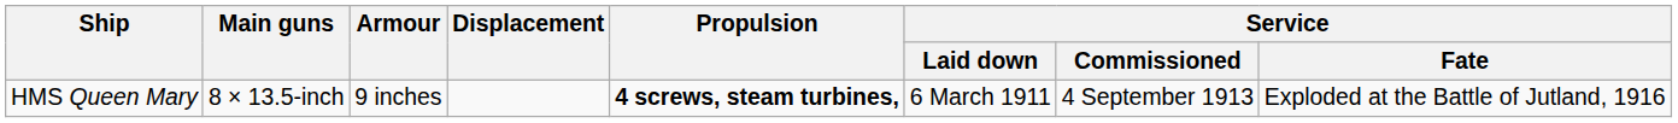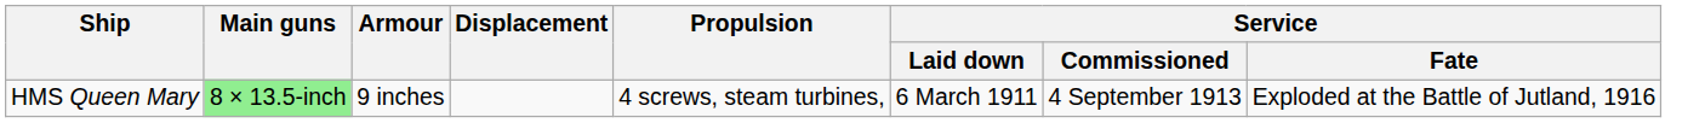 <table class="wikitable">
 <tr valign="top">
 <th align= center rowspan=2>Ship</th>
 <th align= center rowspan=2>Main guns</th>
 <th align= center rowspan=2>Armour</th>
 <th align= center rowspan=2>Displacement</th>
 <th align= center rowspan=2>Propulsion</th>
 <th align= center colspan=3>Service</th>
 </tr>
 <tr valign="top">
 <th align= center>Laid down</th>
 <th align= center>Commissioned</th>
 <th align= center>Fate</th>
 </tr>
 <tr valign="center">
 <td align= left>HMS <em>Queen Mary</em></td>
-<td align= center>8 × 13.5-inch</td>
+<td align= center style="background: lightgreen;">8 × 13.5-inch</td>
 <td align= center>9 inches</td>
 <td align= center></td>
-<td align= center><strong>4 screws, steam turbines, </strong></td>
+<td align= center>4 screws, steam turbines, </td>
 <td align= center>6 March 1911</td>
 <td align= center>4 September 1913</td>
 <td align= left>Exploded at the Battle of Jutland, 1916</td>
 </tr>
 </table>
